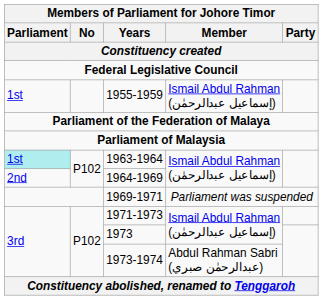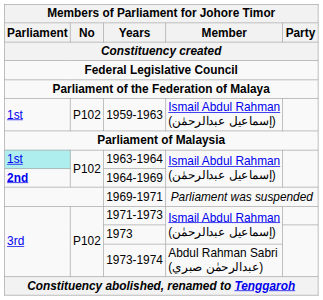 <table class=wikitable>
 <tr>
 <th colspan="5">Members of Parliament for Johore Timor</th>
 </tr>
 <tr>
 <th>Parliament</th>
 <th>No</th>
 <th>Years</th>
 <th>Member</th>
 <th>Party</th>
 </tr>
 <tr>
 <th colspan="5" align="center"><em>Constituency created</em></th>
 </tr>
 <tr>
 <td colspan="5" align="center"><strong>Federal Legislative Council</strong></td>
 </tr>
 <tr>
+<td colspan="5" align="center"><strong>Parliament of the Federation of Malaya</strong></td>
+</tr>
+<tr>
 <td><a href='#'>1st</a></td>
-<td></td>
-<td>1955-1959</td>
+<td>P102</td>
+<td>1959-1963</td>
 <td><a href='#'>Ismail Abdul Rahman</a><br>(إسماعيل عبدالرحمٰن‎)</td>
 <td></td>
-</tr>
-<tr>
-<td colspan="5" align="center"><strong>Parliament of the Federation of Malaya</strong></td>
 </tr>
 <tr>
 <td colspan="5" align="center"><strong>Parliament of Malaysia</strong></td>
 </tr>
 <tr>
 <td style="background: paleturquoise;"><a href='#'>1st</a></td>
 <td rowspan="2">P102</td>
 <td>1963-1964</td>
 <td rowspan=2><a href='#'>Ismail Abdul Rahman</a>  <br>(إسماعيل عبدالرحمٰن‎)</td>
 <td rowspan="2"></td>
 </tr>
 <tr>
-<td><a href='#'>2nd</a></td>
+<td><strong><a href='#'>2nd</a></strong></td>
 <td>1964-1969</td>
 </tr>
 <tr>
 <td colspan="2"></td>
 <td>1969-1971</td>
 <td colspan=2 align=center><em>Parliament was suspended</em></td>
 </tr>
 <tr>
 <td rowspan=3><a href='#'>3rd</a></td>
 <td rowspan="3">P102</td>
 <td>1971-1973</td>
 <td rowspan=2><a href='#'>Ismail Abdul Rahman</a> <br>(إسماعيل عبدالرحمٰن‎)</td>
 <td></td>
 </tr>
 <tr>
 <td>1973</td>
 <td rowspan=2></td>
 </tr>
 <tr>
 <td>1973-1974</td>
 <td>Abdul Rahman Sabri <br>(عبدالرحمٰن صبري)</td>
 </tr>
 <tr>
 <th colspan="5" align="center"><em>Constituency abolished, renamed to <a href='#'>Tenggaroh</a></em></th>
 </tr>
 </table>
